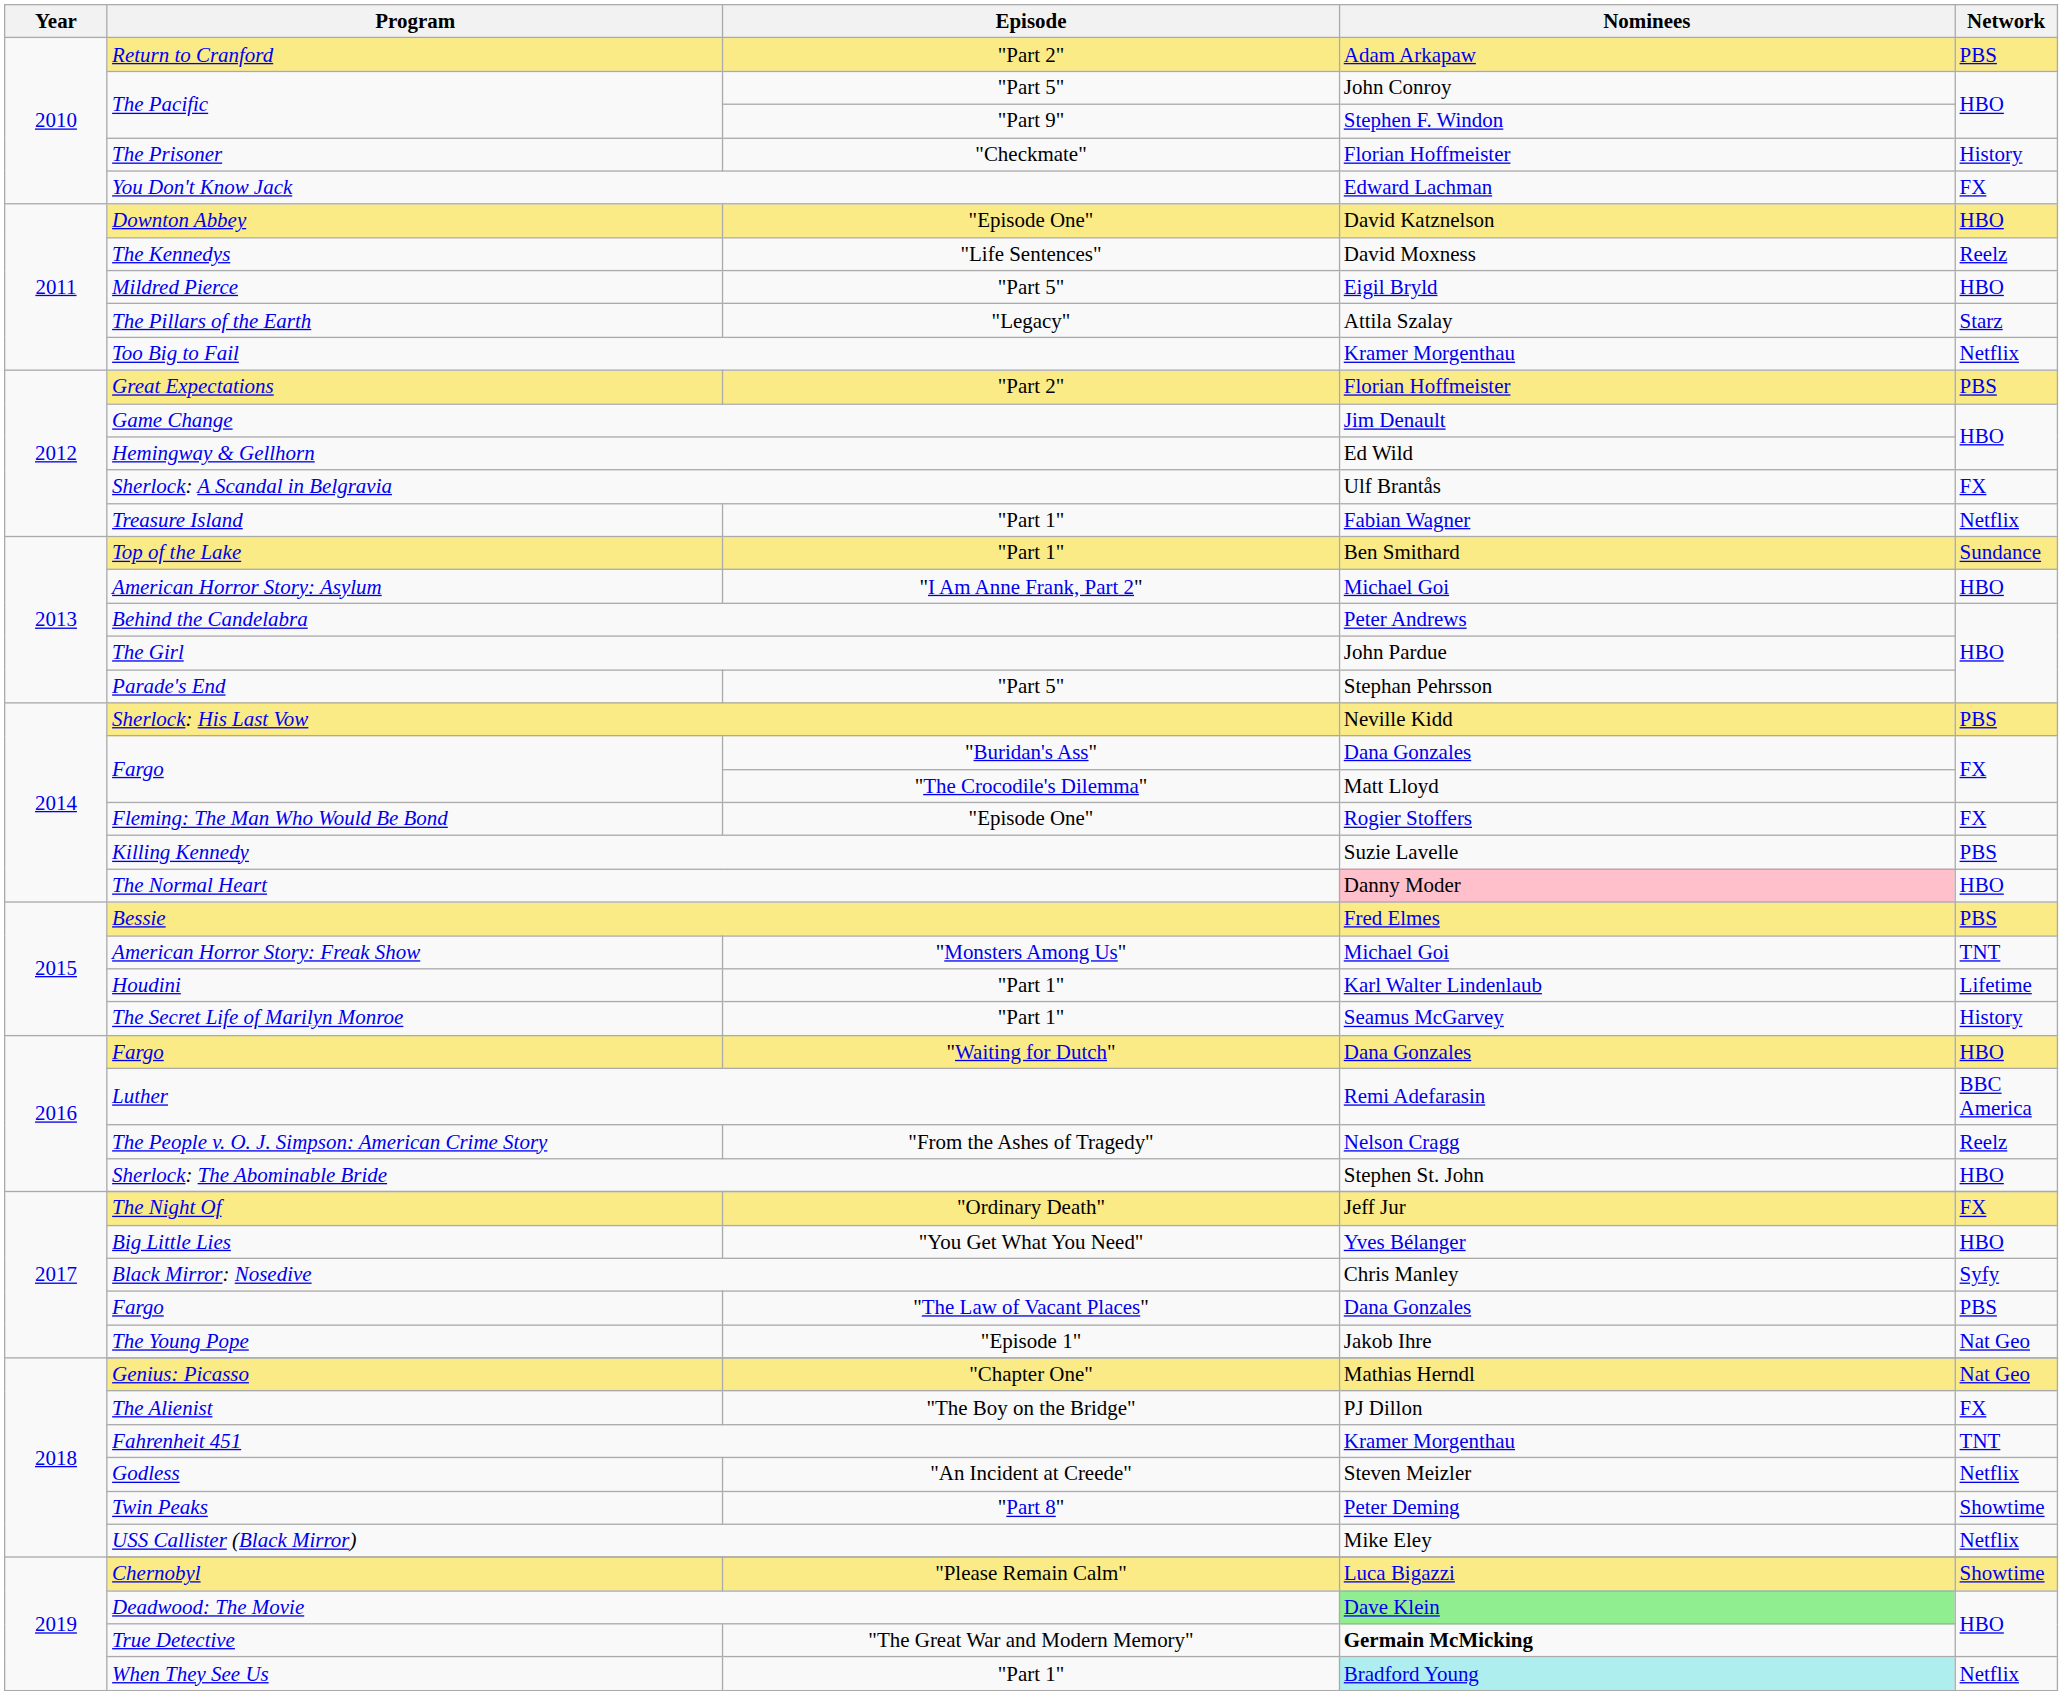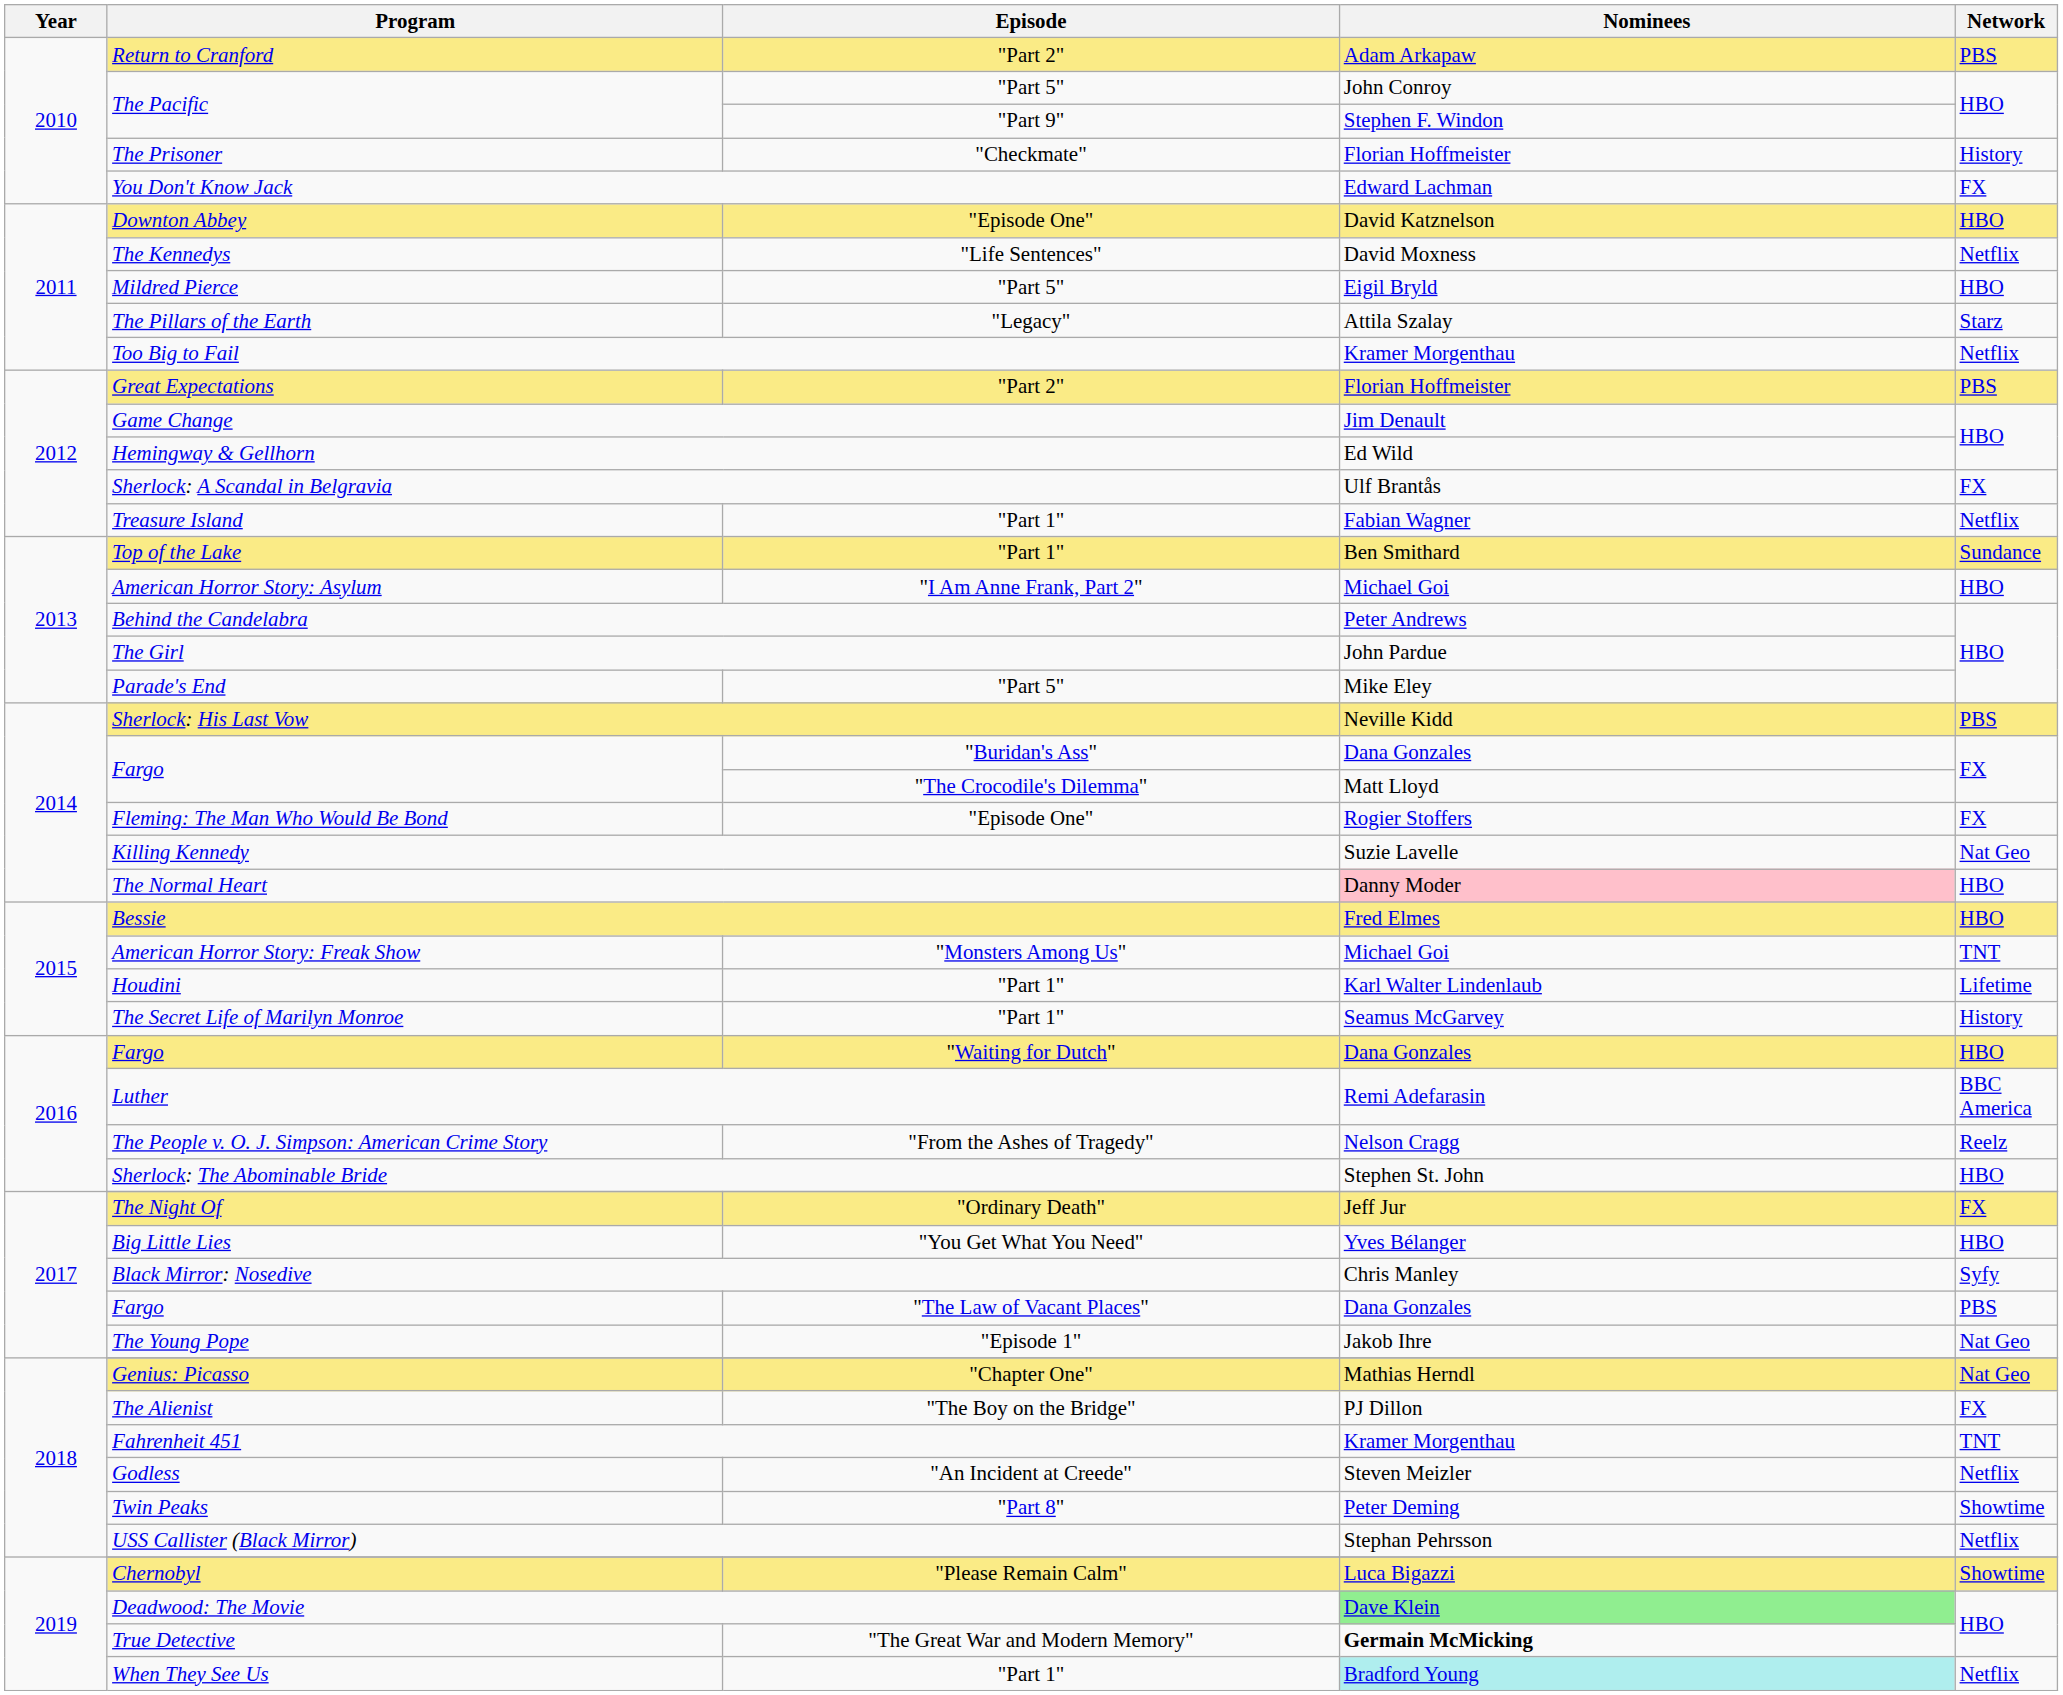 <table class="wikitable">
 <tr>
 <th width="5%">Year</th>
 <th width="30%">Program</th>
 <th width="30%">Episode</th>
 <th width="30%">Nominees</th>
 <th width="5%">Network</th>
 </tr>
 <tr>
 <td rowspan="5" style="text-align:center;"><a href='#'>2010</a><br></td>
 <td style="background:#FAEB86;"><em><a href='#'>Return to Cranford</a></em></td>
 <td style="background:#FAEB86;" align=center>"Part 2"</td>
 <td style="background:#FAEB86;"><a href='#'>Adam Arkapaw</a></td>
 <td style="background:#FAEB86;"><a href='#'>PBS</a></td>
 </tr>
 <tr>
 <td rowspan=2><em><a href='#'>The Pacific</a></em></td>
 <td align=center>"Part 5"</td>
 <td>John Conroy</td>
 <td rowspan=2><a href='#'>HBO</a></td>
 </tr>
 <tr>
 <td align=center>"Part 9"</td>
 <td><a href='#'>Stephen F. Windon</a></td>
 </tr>
 <tr>
 <td><em><a href='#'>The Prisoner</a></em></td>
 <td align=center>"Checkmate"</td>
 <td><a href='#'>Florian Hoffmeister</a></td>
 <td><a href='#'>History</a></td>
 </tr>
 <tr>
 <td colspan=2><em><a href='#'>You Don't Know Jack</a></em></td>
 <td><a href='#'>Edward Lachman</a></td>
 <td><a href='#'>FX</a></td>
 </tr>
 <tr>
 <td rowspan="5" style="text-align:center;"><a href='#'>2011</a><br></td>
 <td style="background:#FAEB86;"><em><a href='#'>Downton Abbey</a></em></td>
 <td style="background:#FAEB86;" align=center>"Episode One"</td>
 <td style="background:#FAEB86;">David Katznelson</td>
 <td style="background:#FAEB86;"><a href='#'>HBO</a></td>
 </tr>
 <tr>
 <td><em><a href='#'>The Kennedys</a></em></td>
 <td align=center>"Life Sentences"</td>
 <td>David Moxness</td>
-<td><a href='#'>Reelz</a></td>
+<td><a href='#'>Netflix</a></td>
 </tr>
 <tr>
 <td><em><a href='#'>Mildred Pierce</a></em></td>
 <td align=center>"Part 5"</td>
 <td><a href='#'>Eigil Bryld</a></td>
 <td><a href='#'>HBO</a></td>
 </tr>
 <tr>
 <td><em><a href='#'>The Pillars of the Earth</a></em></td>
 <td align=center>"Legacy"</td>
 <td>Attila Szalay</td>
 <td><a href='#'>Starz</a></td>
 </tr>
 <tr>
 <td colspan=2><em><a href='#'>Too Big to Fail</a></em></td>
 <td><a href='#'>Kramer Morgenthau</a></td>
 <td><a href='#'>Netflix</a></td>
 </tr>
 <tr>
 <td rowspan="5" style="text-align:center;"><a href='#'>2012</a><br></td>
 <td style="background:#FAEB86;"><em><a href='#'>Great Expectations</a></em></td>
 <td style="background:#FAEB86;" align=center>"Part 2"</td>
 <td style="background:#FAEB86;"><a href='#'>Florian Hoffmeister</a></td>
 <td style="background:#FAEB86;"><a href='#'>PBS</a></td>
 </tr>
 <tr>
 <td colspan=2><em><a href='#'>Game Change</a></em></td>
 <td><a href='#'>Jim Denault</a></td>
 <td rowspan=2><a href='#'>HBO</a></td>
 </tr>
 <tr>
 <td colspan=2><em><a href='#'>Hemingway & Gellhorn</a></em></td>
 <td>Ed Wild</td>
 </tr>
 <tr>
 <td colspan=2><em><a href='#'>Sherlock</a>: <a href='#'>A Scandal in Belgravia</a></em></td>
 <td>Ulf Brantås</td>
 <td><a href='#'>FX</a></td>
 </tr>
 <tr>
 <td><em><a href='#'>Treasure Island</a></em></td>
 <td align=center>"Part 1"</td>
 <td><a href='#'>Fabian Wagner</a></td>
 <td><a href='#'>Netflix</a></td>
 </tr>
 <tr>
 <td rowspan="5" style="text-align:center;"><a href='#'>2013</a><br></td>
 <td style="background:#FAEB86;"><em><a href='#'>Top of the Lake</a></em></td>
 <td style="background:#FAEB86;" align=center>"Part 1"</td>
 <td style="background:#FAEB86;">Ben Smithard</td>
 <td style="background:#FAEB86;"><a href='#'>Sundance</a></td>
 </tr>
 <tr>
 <td><em><a href='#'>American Horror Story: Asylum</a></em></td>
 <td align=center>"<a href='#'>I Am Anne Frank, Part 2</a>"</td>
 <td><a href='#'>Michael Goi</a></td>
 <td><a href='#'>HBO</a></td>
 </tr>
 <tr>
 <td colspan=2><em><a href='#'>Behind the Candelabra</a></em></td>
 <td><a href='#'>Peter Andrews</a></td>
 <td rowspan=3><a href='#'>HBO</a></td>
 </tr>
 <tr>
 <td colspan=2><em><a href='#'>The Girl</a></em></td>
 <td>John Pardue</td>
 </tr>
 <tr>
 <td><em><a href='#'>Parade's End</a></em></td>
 <td align=center>"Part 5"</td>
-<td>Stephan Pehrsson</td>
+<td>Mike Eley</td>
 </tr>
 <tr>
 <td rowspan="6" style="text-align:center;"><a href='#'>2014</a><br></td>
 <td style="background:#FAEB86;" colspan="2"><em><a href='#'>Sherlock</a>: <a href='#'>His Last Vow</a></em></td>
 <td style="background:#FAEB86;">Neville Kidd</td>
 <td style="background:#FAEB86;"><a href='#'>PBS</a></td>
 </tr>
 <tr>
 <td rowspan="2"><em><a href='#'>Fargo</a></em></td>
 <td align=center>"<a href='#'>Buridan's Ass</a>"</td>
 <td><a href='#'>Dana Gonzales</a></td>
 <td rowspan="2"><a href='#'>FX</a></td>
 </tr>
 <tr>
 <td align=center>"<a href='#'>The Crocodile's Dilemma</a>"</td>
 <td>Matt Lloyd</td>
 </tr>
 <tr>
 <td><em><a href='#'>Fleming: The Man Who Would Be Bond</a></em></td>
 <td align=center>"Episode One"</td>
 <td><a href='#'>Rogier Stoffers</a></td>
 <td><a href='#'>FX</a></td>
 </tr>
 <tr>
 <td colspan=2><em><a href='#'>Killing Kennedy</a></em></td>
 <td>Suzie Lavelle</td>
-<td><a href='#'>PBS</a></td>
+<td><a href='#'>Nat Geo</a></td>
 </tr>
 <tr>
 <td colspan=2><em><a href='#'>The Normal Heart</a></em></td>
 <td style="background: pink;">Danny Moder</td>
 <td><a href='#'>HBO</a></td>
 </tr>
 <tr>
 <td rowspan="4" style="text-align:center;"><a href='#'>2015</a><br></td>
 <td style="background:#FAEB86;" colspan=2><em><a href='#'>Bessie</a></em></td>
 <td style="background:#FAEB86;"><a href='#'>Fred Elmes</a></td>
-<td style="background:#FAEB86;"><a href='#'>PBS</a></td>
+<td style="background:#FAEB86;"><a href='#'>HBO</a></td>
 </tr>
 <tr>
 <td><em><a href='#'>American Horror Story: Freak Show</a></em></td>
 <td align=center>"<a href='#'>Monsters Among Us</a>"</td>
 <td><a href='#'>Michael Goi</a></td>
 <td><a href='#'>TNT</a></td>
 </tr>
 <tr>
 <td><em><a href='#'>Houdini</a></em></td>
 <td align=center>"Part 1"</td>
 <td><a href='#'>Karl Walter Lindenlaub</a></td>
 <td><a href='#'>Lifetime</a></td>
 </tr>
 <tr>
 <td><em><a href='#'>The Secret Life of Marilyn Monroe</a></em></td>
 <td align=center>"Part 1"</td>
 <td><a href='#'>Seamus McGarvey</a></td>
 <td><a href='#'>History</a></td>
 </tr>
 <tr>
 <td rowspan="4" style="text-align:center;"><a href='#'>2016</a><br></td>
 <td style="background:#FAEB86;"><em><a href='#'>Fargo</a></em></td>
 <td style="background:#FAEB86;" align=center>"<a href='#'>Waiting for Dutch</a>"</td>
 <td style="background:#FAEB86;"><a href='#'>Dana Gonzales</a></td>
 <td style="background:#FAEB86;"><a href='#'>HBO</a></td>
 </tr>
 <tr>
 <td colspan=2><em><a href='#'>Luther</a></em></td>
 <td><a href='#'>Remi Adefarasin</a></td>
 <td><a href='#'>BBC America</a></td>
 </tr>
 <tr>
 <td><em><a href='#'>The People v. O. J. Simpson: American Crime Story</a></em></td>
 <td align=center>"From the Ashes of Tragedy"</td>
 <td><a href='#'>Nelson Cragg</a></td>
 <td><a href='#'>Reelz</a></td>
 </tr>
 <tr>
 <td colspan=2><em><a href='#'>Sherlock</a>: <a href='#'>The Abominable Bride</a></em></td>
 <td>Stephen St. John</td>
 <td><a href='#'>HBO</a></td>
 </tr>
 <tr>
 <td rowspan="6" style="text-align:center;"><a href='#'>2017</a><br></td>
 </tr>
 <tr>
 <td style="background:#FAEB86;"><em><a href='#'>The Night Of</a></em></td>
 <td style="background:#FAEB86;" align=center>"Ordinary Death"</td>
 <td style="background:#FAEB86;">Jeff Jur</td>
 <td style="background:#FAEB86;"><a href='#'>FX</a></td>
 </tr>
 <tr>
 <td><em><a href='#'>Big Little Lies</a></em></td>
 <td align=center>"You Get What You Need"</td>
 <td><a href='#'>Yves Bélanger</a></td>
 <td><a href='#'>HBO</a></td>
 </tr>
 <tr>
 <td colspan=2><em><a href='#'>Black Mirror</a>: <a href='#'>Nosedive</a></em></td>
 <td>Chris Manley</td>
 <td><a href='#'>Syfy</a></td>
 </tr>
 <tr>
 <td><em><a href='#'>Fargo</a></em></td>
 <td align=center>"<a href='#'>The Law of Vacant Places</a>"</td>
 <td><a href='#'>Dana Gonzales</a></td>
 <td><a href='#'>PBS</a></td>
 </tr>
 <tr>
 <td><em><a href='#'>The Young Pope</a></em></td>
 <td align=center>"Episode 1"</td>
 <td>Jakob Ihre</td>
 <td><a href='#'>Nat Geo</a></td>
 </tr>
 <tr>
 <td rowspan="7" style="text-align:center;"><a href='#'>2018</a><br></td>
 </tr>
 <tr style="background:#FAEB86;">
 <td><em><a href='#'>Genius: Picasso</a></em></td>
 <td align=center>"Chapter One"</td>
 <td>Mathias Herndl</td>
 <td><a href='#'>Nat Geo</a></td>
 </tr>
 <tr>
 <td><em><a href='#'>The Alienist</a></em></td>
 <td align=center>"The Boy on the Bridge"</td>
 <td>PJ Dillon</td>
 <td><a href='#'>FX</a></td>
 </tr>
 <tr>
 <td colspan=2><em><a href='#'>Fahrenheit 451</a></em></td>
 <td><a href='#'>Kramer Morgenthau</a></td>
 <td><a href='#'>TNT</a></td>
 </tr>
 <tr>
 <td><em><a href='#'>Godless</a></em></td>
 <td align=center>"An Incident at Creede"</td>
 <td>Steven Meizler</td>
 <td><a href='#'>Netflix</a></td>
 </tr>
 <tr>
 <td><em><a href='#'>Twin Peaks</a></em></td>
 <td align=center>"<a href='#'>Part 8</a>"</td>
 <td><a href='#'>Peter Deming</a></td>
 <td><a href='#'>Showtime</a></td>
 </tr>
 <tr>
 <td colspan=2><em><a href='#'>USS Callister</a> (<a href='#'>Black Mirror</a>)</em></td>
-<td>Mike Eley</td>
+<td>Stephan Pehrsson</td>
 <td><a href='#'>Netflix</a></td>
 </tr>
 <tr>
 <td rowspan="5" style="text-align:center;"><a href='#'>2019</a><br></td>
 </tr>
 <tr style="background:#FAEB86;">
 <td><em><a href='#'>Chernobyl</a></em></td>
 <td align=center>"Please Remain Calm"</td>
 <td><a href='#'>Luca Bigazzi</a></td>
 <td><a href='#'>Showtime</a></td>
 </tr>
 <tr>
 <td colspan=2><em><a href='#'>Deadwood: The Movie</a></em></td>
 <td style="background: lightgreen;"><a href='#'>Dave Klein</a></td>
 <td rowspan=2><a href='#'>HBO</a></td>
 </tr>
 <tr>
 <td><em><a href='#'>True Detective</a></em></td>
 <td align=center>"The Great War and Modern Memory"</td>
 <td><strong>Germain McMicking</strong></td>
 </tr>
 <tr>
 <td><em><a href='#'>When They See Us</a></em></td>
 <td align=center>"Part 1"</td>
 <td style="background: paleturquoise;"><a href='#'>Bradford Young</a></td>
 <td><a href='#'>Netflix</a></td>
 </tr>
 </table>
